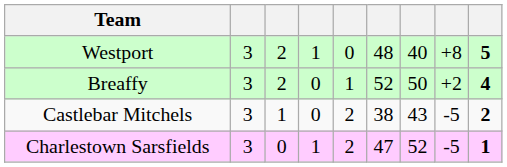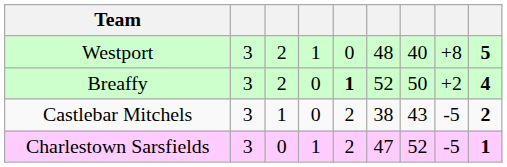 <table class="wikitable" style="text-align:center">
 <tr>
 <th style="width:175px;">Team</th>
 <th width="20"></th>
 <th width="20"></th>
 <th width="20"></th>
 <th width="20"></th>
 <th width="20"></th>
 <th width="20"></th>
 <th width="20"></th>
 <th width="20"></th>
 </tr>
 <tr style="background:#cfc;">
 <td>Westport</td>
 <td>3</td>
 <td>2</td>
 <td>1</td>
 <td>0</td>
 <td>48</td>
 <td>40</td>
 <td>+8</td>
 <td><strong>5</strong></td>
 </tr>
 <tr style="background:#cfc;">
 <td>Breaffy</td>
 <td>3</td>
 <td>2</td>
 <td>0</td>
-<td>1</td>
+<td><strong>1</strong></td>
 <td>52</td>
 <td>50</td>
 <td>+2</td>
 <td><strong>4</strong></td>
 </tr>
 <tr>
 <td>Castlebar Mitchels</td>
 <td>3</td>
 <td>1</td>
 <td>0</td>
 <td>2</td>
 <td>38</td>
 <td>43</td>
 <td>-5</td>
 <td><strong>2</strong></td>
 </tr>
 <tr style="background:#fcf;">
 <td>Charlestown Sarsfields</td>
 <td>3</td>
 <td>0</td>
 <td>1</td>
 <td>2</td>
 <td>47</td>
 <td>52</td>
 <td>-5</td>
 <td><strong>1</strong></td>
 </tr>
 </table>
